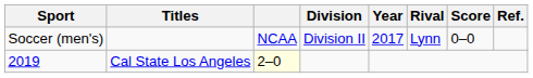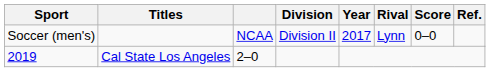 <table class="wikitable">
 <tr>
 <th width>Sport</th>
 <th width>Titles</th>
 <th width></th>
 <th width>Division</th>
 <th width>Year</th>
 <th width>Rival</th>
 <th width>Score</th>
 <th width>Ref.</th>
 </tr>
 <tr>
 <td rowspan="2">Soccer (men's)</td>
 <td rowspan="2"></td>
 <td rowspan="2"><a href='#'>NCAA</a></td>
 <td rowspan="2"><a href='#'>Division II</a></td>
 <td><a href='#'>2017</a></td>
 <td><a href='#'>Lynn</a></td>
 <td>0–0  </td>
 <td></td>
 </tr>
 <tr>
 </tr>
 <tr>
 <td><a href='#'>2019</a></td>
 <td><a href='#'>Cal State Los Angeles</a></td>
-<td style="background: lightyellow;">2–0</td>
+<td>2–0</td>
 <td></td>
 </tr>
 </table>
